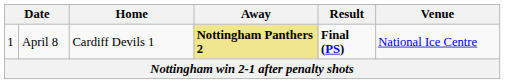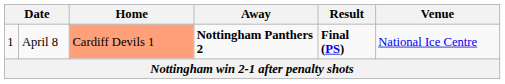 <table class="wikitable">
 <tr>
 <th colspan=2 width=75>Date</th>
 <th width=150>Home</th>
 <th width=150>Away</th>
 <th width=65>Result</th>
 <th width=150>Venue</th>
 </tr>
 <tr>
 <td>1</td>
 <td>April 8</td>
-<td>Cardiff Devils 1</td>
-<td style="background: khaki;"><strong>Nottingham Panthers 2</strong></td>
+<td style="background: lightsalmon;">Cardiff Devils 1</td>
+<td><strong>Nottingham Panthers 2</strong></td>
 <td><strong>Final (<a href='#'>PS</a>)</strong></td>
 <td><a href='#'>National Ice Centre</a></td>
 </tr>
 <tr>
 <th colspan=8><strong><em>Nottingham win 2-1 after penalty shots</em></strong></th>
 </tr>
 </table>
